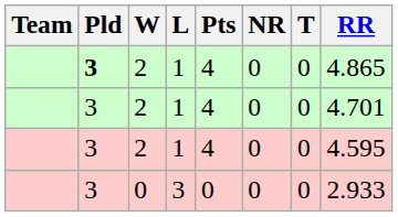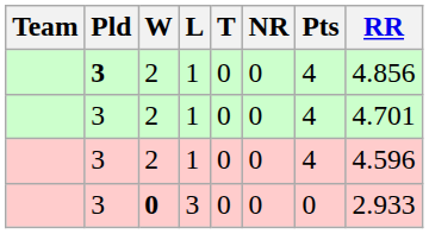 <table class="wikitable">
 <tr>
 <th>Team</th>
 <th>Pld</th>
 <th>W</th>
 <th>L</th>
+<th>T</th>
+<th>NR</th>
 <th>Pts</th>
-<th>NR</th>
-<th>T</th>
 <th><a href='#'>RR</a></th>
 </tr>
 <tr style="background:#cfc;">
 <td></td>
 <td><strong>3</strong></td>
 <td>2</td>
 <td>1</td>
-<td>4</td>
 <td>0</td>
 <td>0</td>
-<td>4.865</td>
+<td>4</td>
+<td>4.856</td>
 </tr>
 <tr style="background:#cfc;">
 <td></td>
 <td>3</td>
 <td>2</td>
 <td>1</td>
-<td>4</td>
 <td>0</td>
 <td>0</td>
+<td>4</td>
 <td>4.701</td>
 </tr>
 <tr style="background:#fcc;">
 <td></td>
 <td>3</td>
 <td>2</td>
 <td>1</td>
-<td>4</td>
 <td>0</td>
 <td>0</td>
-<td>4.595</td>
+<td>4</td>
+<td>4.596</td>
 </tr>
 <tr style="background:#fcc;">
 <td></td>
 <td>3</td>
-<td>0</td>
+<td><strong>0</strong></td>
 <td>3</td>
 <td>0</td>
 <td>0</td>
 <td>0</td>
 <td>2.933</td>
 </tr>
 </table>
